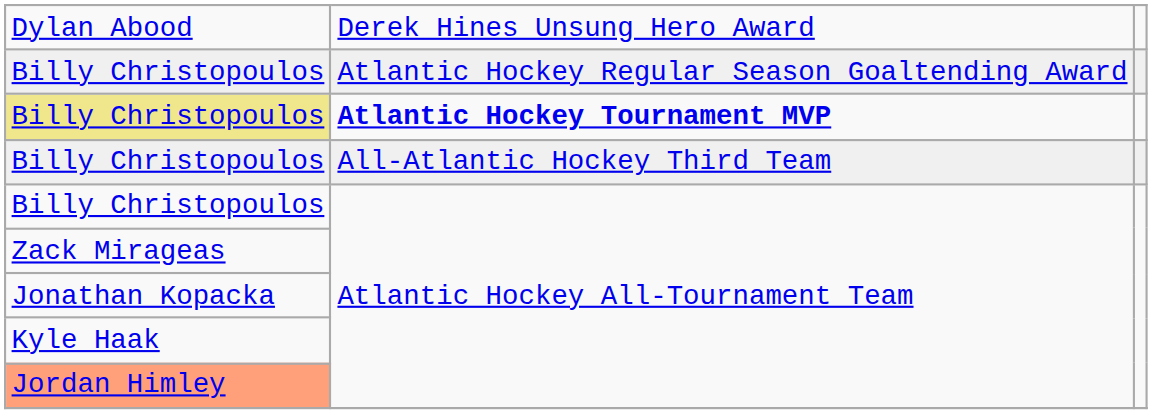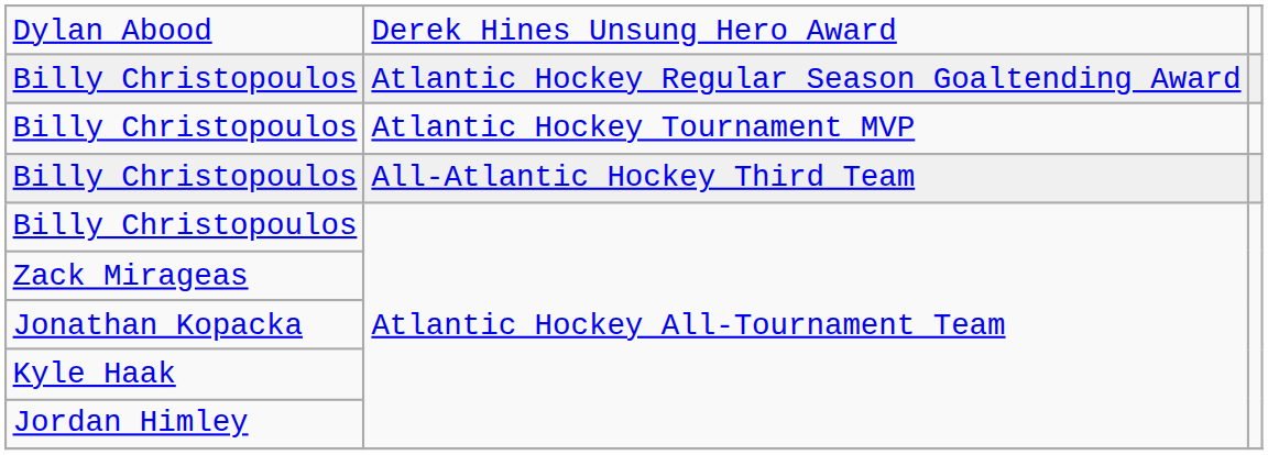 <table class="wikitable">
 <tr>
 <td><a href='#'>Dylan Abood</a></td>
 <td><a href='#'>Derek Hines Unsung Hero Award</a></td>
 <td></td>
 </tr>
 <tr bgcolor=f0f0f0>
 <td><a href='#'>Billy Christopoulos</a></td>
 <td><a href='#'>Atlantic Hockey Regular Season Goaltending Award</a></td>
 <td></td>
 </tr>
 <tr>
-<td style="background: khaki;"><a href='#'>Billy Christopoulos</a></td>
-<td><strong><a href='#'>Atlantic Hockey Tournament MVP</a></strong></td>
+<td><a href='#'>Billy Christopoulos</a></td>
+<td><a href='#'>Atlantic Hockey Tournament MVP</a></td>
 <td></td>
 </tr>
 <tr bgcolor=f0f0f0>
 <td><a href='#'>Billy Christopoulos</a></td>
 <td><a href='#'>All-Atlantic Hockey Third Team</a></td>
 <td></td>
 </tr>
 <tr>
 <td><a href='#'>Billy Christopoulos</a></td>
 <td rowspan=5><a href='#'>Atlantic Hockey All-Tournament Team</a></td>
 <td rowspan=5></td>
 </tr>
 <tr>
 <td><a href='#'>Zack Mirageas</a></td>
 </tr>
 <tr>
 <td><a href='#'>Jonathan Kopacka</a></td>
 </tr>
 <tr>
 <td><a href='#'>Kyle Haak</a></td>
 </tr>
 <tr>
-<td style="background: lightsalmon;"><a href='#'>Jordan Himley</a></td>
+<td><a href='#'>Jordan Himley</a></td>
 </tr>
 <tr>
 </tr>
 </table>
